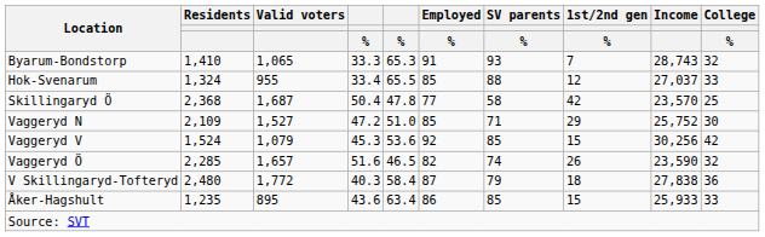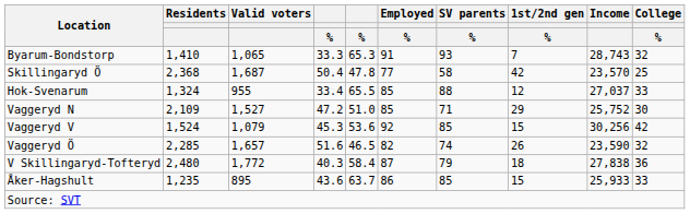 <table role="presentation" class="wikitable sortable mw-collapsible mw-collapsed">
 <tr>
 <th rowspan="3">Location</th>
 <th>Residents</th>
 <th>Valid voters</th>
 <th></th>
 <th></th>
 <th>Employed</th>
 <th>SV parents</th>
 <th>1st/2nd gen</th>
 <th>Income</th>
 <th>College</th>
 </tr>
 <tr>
 <th></th>
 <th></th>
 <th style="background:"></th>
 <th style="background:"></th>
 <th></th>
 <th></th>
 <th></th>
 <th></th>
 <th></th>
 </tr>
 <tr>
 <th></th>
 <th data-sort-type="number"></th>
 <th data-sort-type="number">%</th>
 <th data-sort-type="number">%</th>
 <th data-sort-type="number">%</th>
 <th data-sort-type="number">%</th>
 <th data-sort-type="number">%</th>
 <th data-sort-type="number"></th>
 <th data-sort-type="number">%</th>
 </tr>
 <tr>
 <td align="left">Byarum-Bondstorp</td>
 <td>1,410</td>
 <td>1,065</td>
 <td>33.3</td>
 <td>65.3</td>
 <td>91</td>
 <td>93</td>
 <td>7</td>
 <td>28,743</td>
 <td>32</td>
 </tr>
 <tr>
+<td align="left">Skillingaryd Ö</td>
+<td>2,368</td>
+<td>1,687</td>
+<td>50.4</td>
+<td>47.8</td>
+<td>77</td>
+<td>58</td>
+<td>42</td>
+<td>23,570</td>
+<td>25</td>
+</tr>
+<tr>
 <td align="left">Hok-Svenarum</td>
 <td>1,324</td>
 <td>955</td>
 <td>33.4</td>
 <td>65.5</td>
 <td>85</td>
 <td>88</td>
 <td>12</td>
 <td>27,037</td>
 <td>33</td>
-</tr>
-<tr>
-<td align="left">Skillingaryd Ö</td>
-<td>2,368</td>
-<td>1,687</td>
-<td>50.4</td>
-<td>47.8</td>
-<td>77</td>
-<td>58</td>
-<td>42</td>
-<td>23,570</td>
-<td>25</td>
 </tr>
 <tr>
 <td align="left">Vaggeryd N</td>
 <td>2,109</td>
 <td>1,527</td>
 <td>47.2</td>
 <td>51.0</td>
 <td>85</td>
 <td>71</td>
 <td>29</td>
 <td>25,752</td>
 <td>30</td>
 </tr>
 <tr>
 <td align="left">Vaggeryd V</td>
 <td>1,524</td>
 <td>1,079</td>
 <td>45.3</td>
 <td>53.6</td>
 <td>92</td>
 <td>85</td>
 <td>15</td>
 <td>30,256</td>
 <td>42</td>
 </tr>
 <tr>
 <td align="left">Vaggeryd Ö</td>
 <td>2,285</td>
 <td>1,657</td>
 <td>51.6</td>
 <td>46.5</td>
 <td>82</td>
 <td>74</td>
 <td>26</td>
 <td>23,590</td>
 <td>32</td>
 </tr>
 <tr>
 <td align="left">V Skillingaryd-Tofteryd</td>
 <td>2,480</td>
 <td>1,772</td>
 <td>40.3</td>
 <td>58.4</td>
 <td>87</td>
 <td>79</td>
 <td>18</td>
 <td>27,838</td>
 <td>36</td>
 </tr>
 <tr>
 <td align="left">Åker-Hagshult</td>
 <td>1,235</td>
 <td>895</td>
 <td>43.6</td>
-<td>63.4</td>
+<td>63.7</td>
 <td>86</td>
 <td>85</td>
 <td>15</td>
 <td>25,933</td>
 <td>33</td>
 </tr>
 <tr>
 <td colspan="10" align="left">Source: <a href='#'>SVT</a></td>
 </tr>
 </table>
